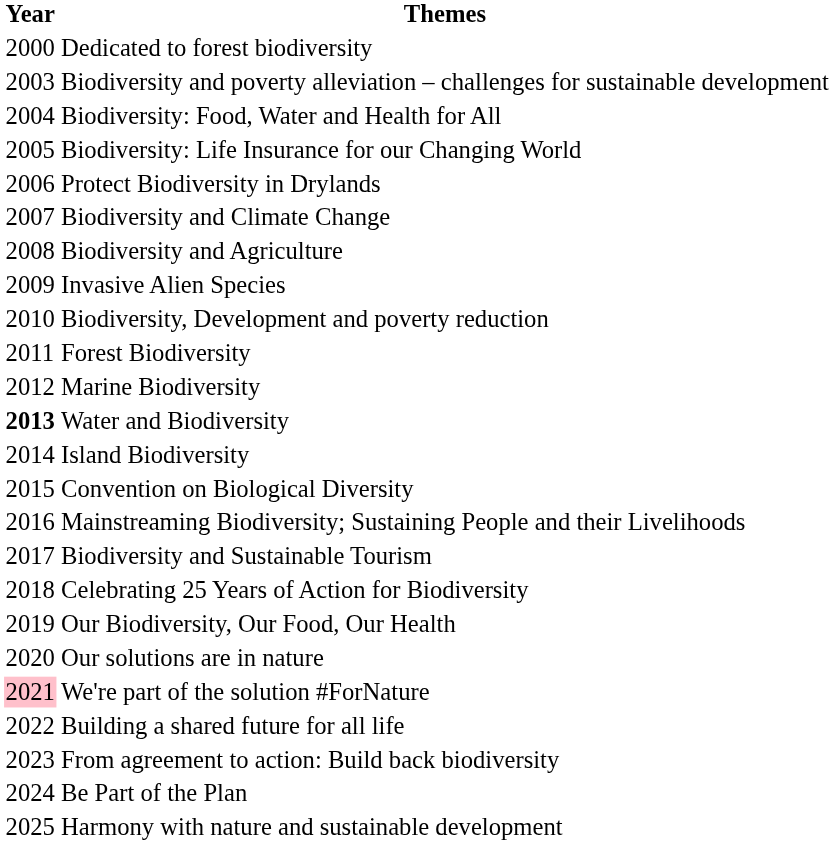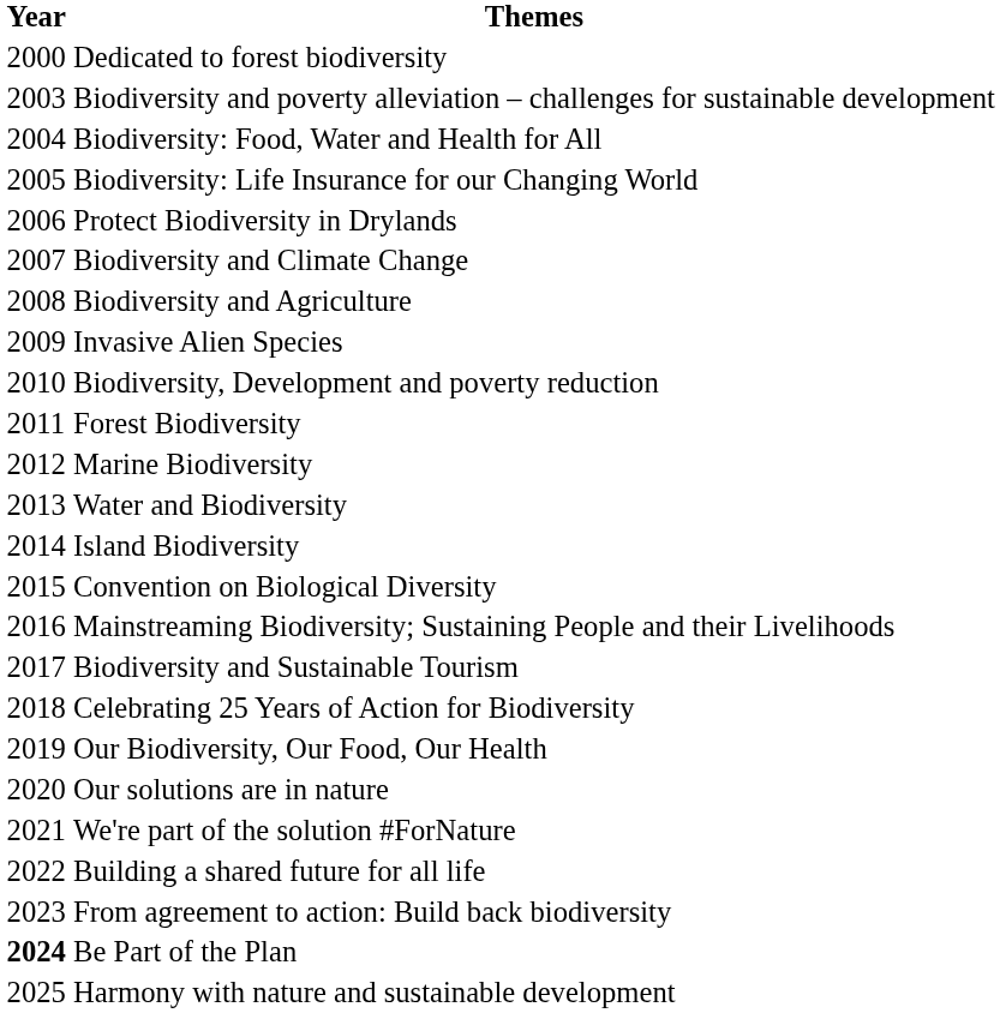 <table class="sortable mw-collapsible">
 <tr>
 <th scope="col">Year</th>
 <th scope="col">Themes</th>
 </tr>
 <tr>
 <td>2000</td>
 <td>Dedicated to forest biodiversity</td>
 </tr>
 <tr>
 <td>2003</td>
 <td>Biodiversity and poverty alleviation – challenges for sustainable development</td>
 </tr>
 <tr>
 <td>2004</td>
 <td>Biodiversity: Food, Water and Health for All</td>
 </tr>
 <tr>
 <td>2005</td>
 <td>Biodiversity: Life Insurance for our Changing World</td>
 </tr>
 <tr>
 <td>2006</td>
 <td>Protect Biodiversity in Drylands</td>
 </tr>
 <tr>
 <td>2007</td>
 <td>Biodiversity and Climate Change</td>
 </tr>
 <tr>
 <td>2008</td>
 <td>Biodiversity and Agriculture</td>
 </tr>
 <tr>
 <td>2009</td>
 <td>Invasive Alien Species</td>
 </tr>
 <tr>
 <td>2010</td>
 <td>Biodiversity, Development and poverty reduction</td>
 </tr>
 <tr>
 <td>2011</td>
 <td>Forest Biodiversity</td>
 </tr>
 <tr>
 <td>2012</td>
 <td>Marine Biodiversity</td>
 </tr>
 <tr>
-<td><strong>2013</strong></td>
+<td>2013</td>
 <td>Water and Biodiversity</td>
 </tr>
 <tr>
 <td>2014</td>
 <td>Island Biodiversity</td>
 </tr>
 <tr>
 <td>2015</td>
 <td>Convention on Biological Diversity</td>
 </tr>
 <tr>
 <td>2016</td>
 <td>Mainstreaming Biodiversity; Sustaining People and their Livelihoods</td>
 </tr>
 <tr>
 <td>2017</td>
 <td>Biodiversity and Sustainable Tourism</td>
 </tr>
 <tr>
 <td>2018</td>
 <td>Celebrating 25 Years of Action for Biodiversity</td>
 </tr>
 <tr>
 <td>2019</td>
 <td>Our Biodiversity, Our Food, Our Health</td>
 </tr>
 <tr>
 <td>2020</td>
 <td>Our solutions are in nature</td>
 </tr>
 <tr>
-<td style="background: pink;">2021</td>
+<td>2021</td>
 <td>We're part of the solution #ForNature</td>
 </tr>
 <tr>
 <td>2022</td>
 <td>Building a shared future for all life</td>
 </tr>
 <tr>
 <td>2023</td>
 <td>From agreement to action: Build back biodiversity</td>
 </tr>
 <tr>
-<td>2024</td>
+<td><strong>2024</strong></td>
 <td>Be Part of the Plan</td>
 </tr>
 <tr>
 <td>2025</td>
 <td>Harmony with nature and sustainable development</td>
 </tr>
 </table>
